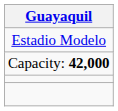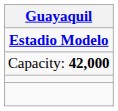 <table class="wikitable" style="text-align:center">
 <tr>
 <th><a href='#'>Guayaquil</a></th>
 </tr>
 <tr>
-<td><a href='#'>Estadio Modelo</a></td>
+<td><strong><a href='#'>Estadio Modelo</a></strong></td>
 </tr>
 <tr>
 <td>Capacity: <strong>42,000</strong></td>
 </tr>
 <tr>
 <td></td>
 </tr>
 <tr>
 <td colspan="1"><br></td>
 </tr>
 </table>
